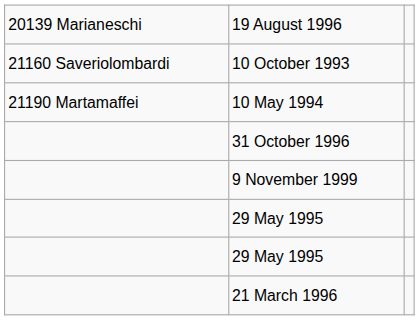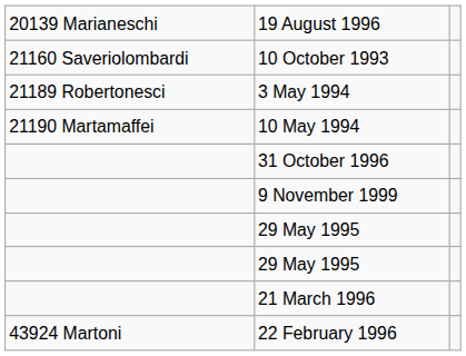 <table class="wikitable" style="font-size: 89%; float: left; width: 26em; margin-right: 1em; height: 280px;">
 <tr>
 <td>20139 Marianeschi</td>
 <td>19 August 1996</td>
 <td></td>
 </tr>
 <tr>
 <td>21160 Saveriolombardi</td>
 <td>10 October 1993</td>
+<td></td>
+</tr>
+<tr>
+<td>21189 Robertonesci</td>
+<td>3 May 1994</td>
 <td></td>
 </tr>
 <tr>
 <td>21190 Martamaffei</td>
 <td>10 May 1994</td>
 <td></td>
 </tr>
 <tr>
 <td></td>
 <td>31 October 1996</td>
 <td></td>
 </tr>
 <tr>
 <td></td>
 <td>9 November 1999</td>
 <td></td>
 </tr>
 <tr>
 <td></td>
 <td>29 May 1995</td>
 <td></td>
 </tr>
 <tr>
 <td></td>
 <td>29 May 1995</td>
 <td></td>
 </tr>
 <tr>
 <td></td>
 <td>21 March 1996</td>
 <td></td>
 </tr>
+<tr>
+<td>43924 Martoni</td>
+<td>22 February 1996</td>
+<td></td>
+</tr>
 </table>
